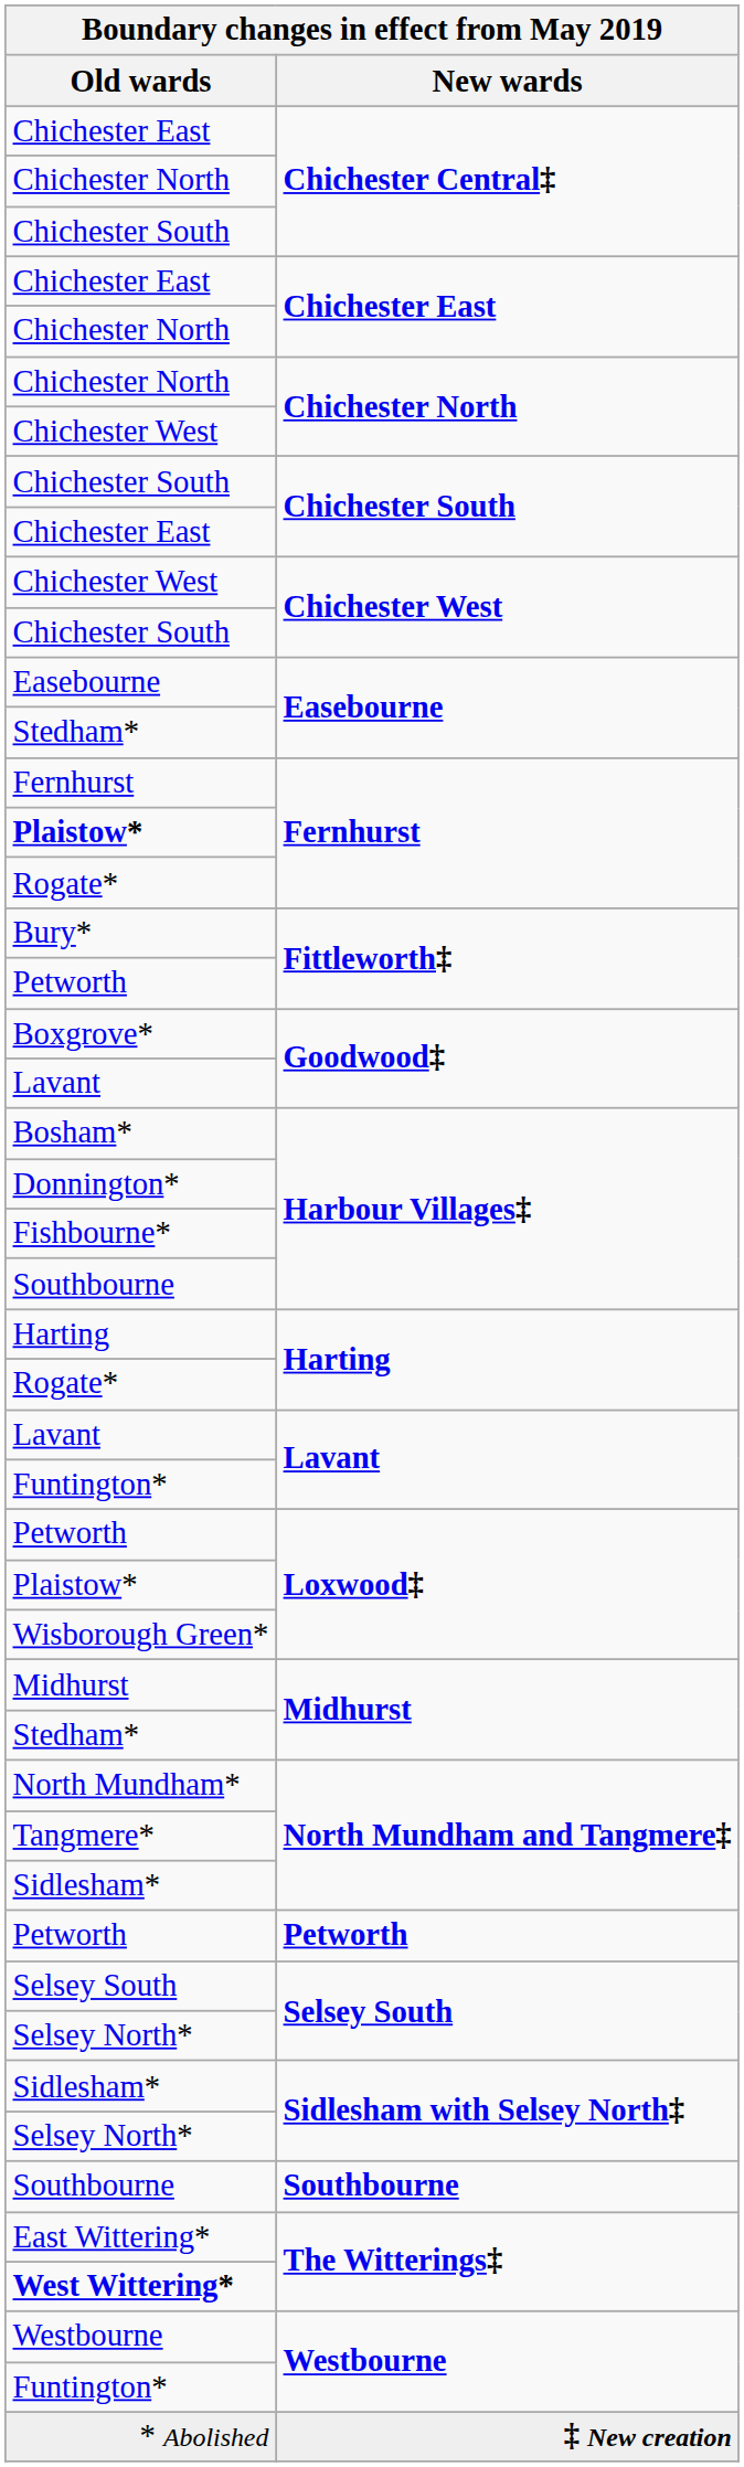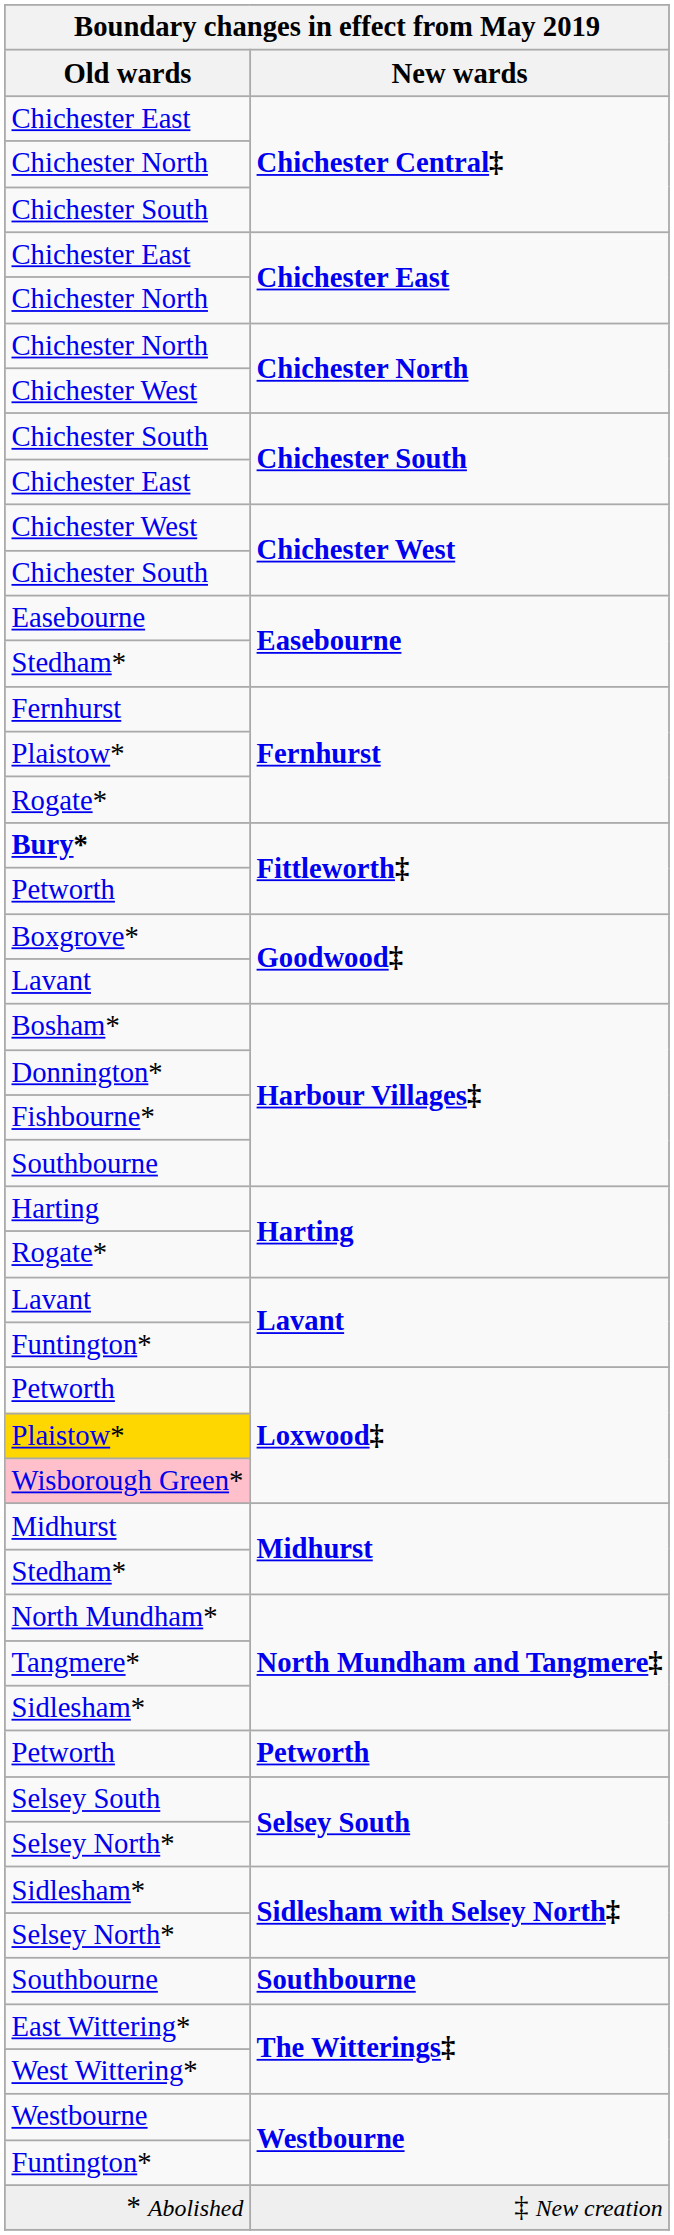 <table class="wikitable" width="auto">
 <tr>
 <th colspan="6">Boundary changes in effect from May 2019</th>
 </tr>
 <tr style="background:#efefef;">
 <th style="text-align:center;"><strong>Old wards</strong></th>
 <th style="text-align:center;"><strong>New wards</strong></th>
 </tr>
 <tr>
 <td><a href='#'>Chichester East</a></td>
 <td rowspan="3"><strong><a href='#'>Chichester Central</a>‡</strong></td>
 </tr>
 <tr>
 <td><a href='#'>Chichester North</a></td>
 </tr>
 <tr>
 <td><a href='#'>Chichester South</a></td>
 </tr>
 <tr>
 <td><a href='#'>Chichester East</a></td>
 <td rowspan="2"><strong><a href='#'>Chichester East</a></strong></td>
 </tr>
 <tr>
 <td><a href='#'>Chichester North</a></td>
 </tr>
 <tr>
 <td><a href='#'>Chichester North</a></td>
 <td rowspan="2"><strong><a href='#'>Chichester North</a></strong></td>
 </tr>
 <tr>
 <td><a href='#'>Chichester West</a></td>
 </tr>
 <tr>
 <td><a href='#'>Chichester South</a></td>
 <td rowspan="2"><strong><a href='#'>Chichester South</a></strong></td>
 </tr>
 <tr>
 <td><a href='#'>Chichester East</a></td>
 </tr>
 <tr>
 <td><a href='#'>Chichester West</a></td>
 <td rowspan="2"><strong><a href='#'>Chichester West</a></strong></td>
 </tr>
 <tr>
 <td><a href='#'>Chichester South</a></td>
 </tr>
 <tr>
 <td><a href='#'>Easebourne</a></td>
 <td rowspan="2"><strong><a href='#'>Easebourne</a></strong></td>
 </tr>
 <tr>
 <td><a href='#'>Stedham</a>*</td>
 </tr>
 <tr>
 <td><a href='#'>Fernhurst</a></td>
 <td rowspan="3"><strong><a href='#'>Fernhurst</a></strong></td>
 </tr>
 <tr>
-<td><strong><a href='#'>Plaistow</a>*</strong></td>
+<td><a href='#'>Plaistow</a>*</td>
 </tr>
 <tr>
 <td><a href='#'>Rogate</a>*</td>
 </tr>
 <tr>
-<td><a href='#'>Bury</a>*</td>
+<td><strong><a href='#'>Bury</a>*</strong></td>
 <td rowspan="2"><strong><a href='#'>Fittleworth</a>‡</strong></td>
 </tr>
 <tr>
 <td><a href='#'>Petworth</a></td>
 </tr>
 <tr>
 <td><a href='#'>Boxgrove</a>*</td>
 <td rowspan="2"><strong><a href='#'>Goodwood</a>‡</strong></td>
 </tr>
 <tr>
 <td><a href='#'>Lavant</a></td>
 </tr>
 <tr>
 <td><a href='#'>Bosham</a>*</td>
 <td rowspan="4"><strong><a href='#'>Harbour Villages</a>‡</strong></td>
 </tr>
 <tr>
 <td><a href='#'>Donnington</a>*</td>
 </tr>
 <tr>
 <td><a href='#'>Fishbourne</a>*</td>
 </tr>
 <tr>
 <td><a href='#'>Southbourne</a></td>
 </tr>
 <tr>
 <td><a href='#'>Harting</a></td>
 <td rowspan="2"><strong><a href='#'>Harting</a></strong></td>
 </tr>
 <tr>
 <td><a href='#'>Rogate</a>*</td>
 </tr>
 <tr>
 <td><a href='#'>Lavant</a></td>
 <td rowspan="2"><strong><a href='#'>Lavant</a></strong></td>
 </tr>
 <tr>
 <td><a href='#'>Funtington</a>*</td>
 </tr>
 <tr>
 <td><a href='#'>Petworth</a></td>
 <td rowspan="3"><strong><a href='#'>Loxwood</a>‡</strong></td>
 </tr>
 <tr>
-<td><a href='#'>Plaistow</a>*</td>
+<td style="background: gold;"><a href='#'>Plaistow</a>*</td>
 </tr>
 <tr>
-<td><a href='#'>Wisborough Green</a>*</td>
+<td style="background: pink;"><a href='#'>Wisborough Green</a>*</td>
 </tr>
 <tr>
 <td><a href='#'>Midhurst</a></td>
 <td rowspan="2"><strong><a href='#'>Midhurst</a></strong></td>
 </tr>
 <tr>
 <td><a href='#'>Stedham</a>*</td>
 </tr>
 <tr>
 <td><a href='#'>North Mundham</a>*</td>
 <td rowspan="3"><strong><a href='#'>North Mundham and Tangmere</a>‡</strong></td>
 </tr>
 <tr>
 <td><a href='#'>Tangmere</a>*</td>
 </tr>
 <tr>
 <td><a href='#'>Sidlesham</a>*</td>
 </tr>
 <tr>
 <td><a href='#'>Petworth</a></td>
 <td><strong><a href='#'>Petworth</a></strong></td>
 </tr>
 <tr>
 <td><a href='#'>Selsey South</a></td>
 <td rowspan="2"><strong><a href='#'>Selsey South</a></strong></td>
 </tr>
 <tr>
 <td><a href='#'>Selsey North</a>*</td>
 </tr>
 <tr>
 <td><a href='#'>Sidlesham</a>*</td>
 <td rowspan="2"><strong><a href='#'>Sidlesham with Selsey North</a>‡</strong></td>
 </tr>
 <tr>
 <td><a href='#'>Selsey North</a>*</td>
 </tr>
 <tr>
 <td><a href='#'>Southbourne</a></td>
 <td><strong><a href='#'>Southbourne</a></strong></td>
 </tr>
 <tr>
 <td><a href='#'>East Wittering</a>*</td>
 <td rowspan="2"><strong><a href='#'>The Witterings</a>‡</strong></td>
 </tr>
 <tr>
-<td><strong><a href='#'>West Wittering</a>*</strong></td>
+<td><a href='#'>West Wittering</a>*</td>
 </tr>
 <tr>
 <td><a href='#'>Westbourne</a></td>
 <td rowspan="2"><strong><a href='#'>Westbourne</a></strong></td>
 </tr>
 <tr>
 <td><a href='#'>Funtington</a>*</td>
 </tr>
 <tr style="background:#efefef;">
 <td style="text-align:right;">* <small><em>Abolished</em></small></td>
-<td style="text-align:right;"><strong>‡ <small><em>New creation</em></small></strong></td>
+<td style="text-align:right;">‡ <small><em>New creation</em></small></td>
 </tr>
 </table>
